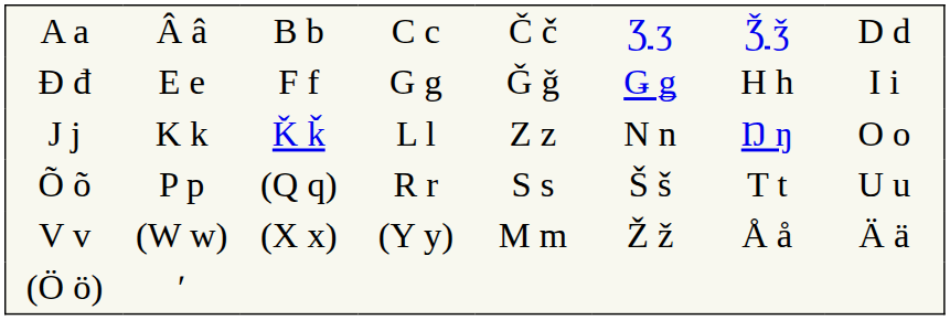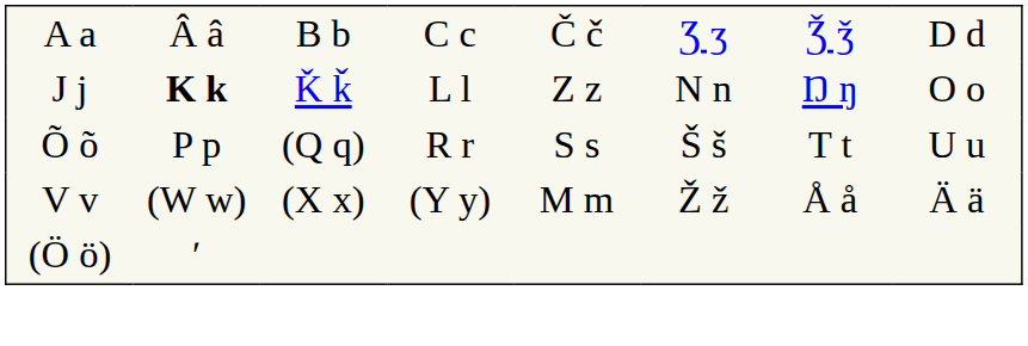 <table style="font-family:Arial Unicode MS; font-size:1.4em; border-color:#000000; border-width:1px; border-style:solid; border-collapse:collapse; background-color:#F8F8EF">
 <tr>
 <td style="width:3em; text-align:center; padding: 3px;">A a</td>
 <td style="width:3em; text-align:center; padding: 3px;">Â â</td>
 <td style="width:3em; text-align:center; padding: 3px;">B b</td>
 <td style="width:3em; text-align:center; padding: 3px;">C c</td>
 <td style="width:3em; text-align:center; padding: 3px;">Č č</td>
 <td style="width:3em; text-align:center; padding: 3px;"><a href='#'>Ʒ ʒ</a></td>
 <td style="width:3em; text-align:center; padding: 3px;"><a href='#'>Ǯ ǯ</a></td>
 <td style="width:3em; text-align:center; padding: 3px;">D d</td>
 </tr>
 <tr>
-<td style="width:3em; text-align:center; padding: 3px;">Đ đ</td>
-<td style="width:3em; text-align:center; padding: 3px;">E e</td>
-<td style="width:3em; text-align:center; padding: 3px;">F f</td>
-<td style="width:3em; text-align:center; padding: 3px;">G g</td>
-<td style="width:3em; text-align:center; padding: 3px;">Ǧ ǧ</td>
-<td style="width:3em; text-align:center; padding: 3px;"><a href='#'>Ǥ ǥ</a></td>
-<td style="width:3em; text-align:center; padding: 3px;">H h</td>
-<td style="width:3em; text-align:center; padding: 3px;">I i</td>
-</tr>
-<tr>
 <td style="width:3em; text-align:center; padding: 3px;">J j</td>
-<td style="width:3em; text-align:center; padding: 3px;">K k</td>
+<td style="width:3em; text-align:center; padding: 3px;"><strong>K k</strong></td>
 <td style="width:3em; text-align:center; padding: 3px;"><a href='#'>Ǩ ǩ</a></td>
 <td style="width:3em; text-align:center; padding: 3px;">L l</td>
 <td style="width:3em; text-align:center; padding: 3px;">Z z</td>
 <td style="width:3em; text-align:center; padding: 3px;">N n</td>
 <td style="width:3em; text-align:center; padding: 3px;"><a href='#'>Ŋ ŋ</a></td>
 <td style="width:3em; text-align:center; padding: 3px;">O o</td>
 </tr>
 <tr>
 <td style="width:3em; text-align:center; padding: 3px;">Õ õ</td>
 <td style="width:3em; text-align:center; padding: 3px;">P p</td>
 <td style="width:3em; text-align:center; padding: 3px;">(Q q)</td>
 <td style="width:3em; text-align:center; padding: 3px;">R r</td>
 <td style="width:3em; text-align:center; padding: 3px;">S s</td>
 <td style="width:3em; text-align:center; padding: 3px;">Š š</td>
 <td style="width:3em; text-align:center; padding: 3px;">T t</td>
 <td style="width:3em; text-align:center; padding: 3px;">U u</td>
 </tr>
 <tr>
 <td style="width:3em; text-align:center; padding: 3px;">V v</td>
 <td style="width:3em; text-align:center; padding: 3px;">(W w)</td>
 <td style="width:3em; text-align:center; padding: 3px;">(X x)</td>
 <td style="width:3em; text-align:center; padding: 3px;">(Y y)</td>
 <td style="width:3em; text-align:center; padding: 3px;">M m</td>
 <td style="width:3em; text-align:center; padding: 3px;">Ž ž</td>
 <td style="width:3em; text-align:center; padding: 3px;">Å å</td>
 <td style="width:3em; text-align:center; padding: 3px;">Ä ä</td>
 </tr>
 <tr>
 <td style="width:3em; text-align:center; padding: 3px;">(Ö ö)</td>
 <td style="width:3em; text-align:center; padding: 3px;">ʹ</td>
 <td></td>
 <td></td>
 <td></td>
 <td></td>
 <td></td>
 <td></td>
 </tr>
 </table>
